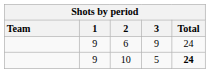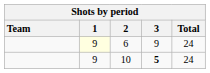 <table class="wikitable" style="width:20em; text-align:right;">
 <tr>
 <th colspan=6>Shots by period</th>
 </tr>
 <tr>
 <th style="width:8em; text-align:left;">Team</th>
 <th style="width:3em;">1</th>
 <th style="width:3em;">2</th>
 <th style="width:3em;">3</th>
 <th style="width:3em;">Total</th>
 </tr>
 <tr>
 <td style="text-align:left;"></td>
-<td align=center>9</td>
+<td align=center style="background: lightyellow;">9</td>
 <td align=center>6</td>
 <td align=center>9</td>
 <td align=center>24</td>
 </tr>
 <tr>
 <td style="text-align:left;"></td>
 <td align=center>9</td>
 <td align=center>10</td>
-<td align=center>5</td>
-<td align=center><strong>24</strong></td>
+<td align=center><strong>5</strong></td>
+<td align=center>24</td>
 </tr>
 </table>
